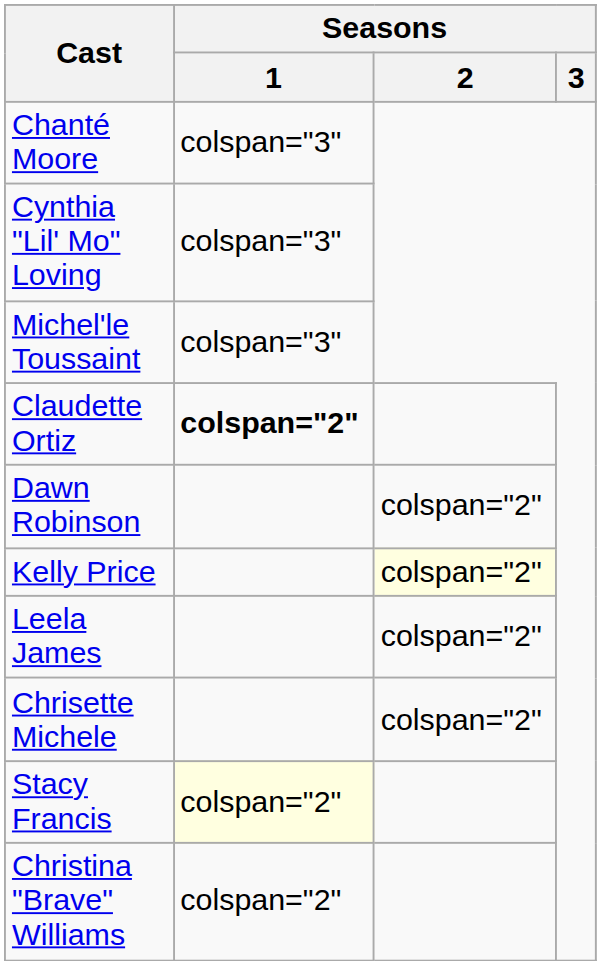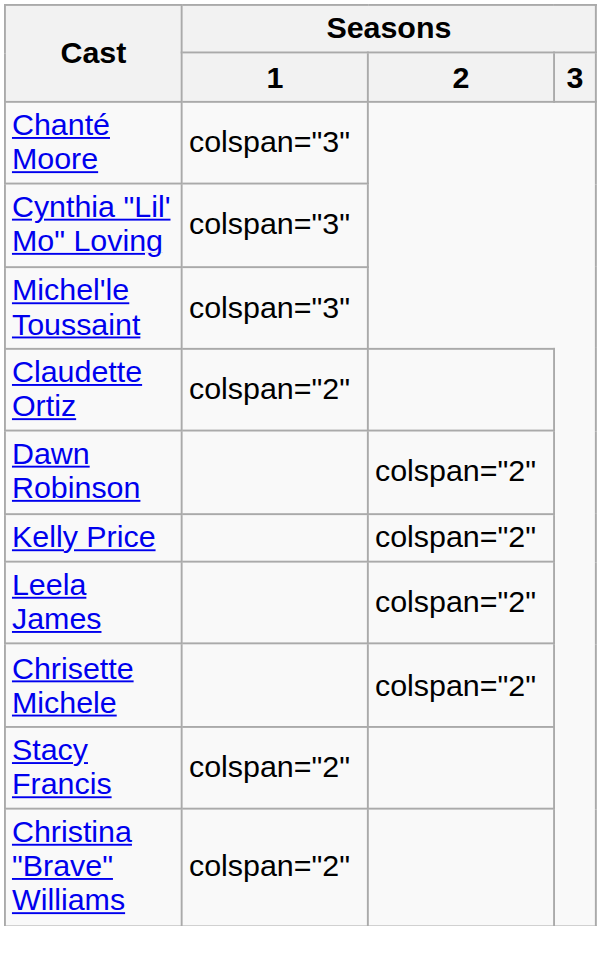 <table class="wikitable plainrowheaders" style="width:50%;">
 <tr>
 <th scope="col" rowspan="2" width="15%">Cast</th>
 <th scope="col" colspan="3">Seasons</th>
 </tr>
 <tr>
 <th style="width:5%;">1</th>
 <th style="width:5%;">2</th>
 <th style="width:5%;">3</th>
 </tr>
 <tr>
 <td><a href='#'>Chanté Moore</a></td>
 <td>colspan="3" </td>
 </tr>
 <tr>
 <td><a href='#'>Cynthia "Lil' Mo" Loving</a></td>
 <td>colspan="3" </td>
 </tr>
 <tr>
 <td><a href='#'>Michel'le Toussaint</a></td>
 <td>colspan="3" </td>
 </tr>
 <tr>
 <td><a href='#'>Claudette Ortiz</a></td>
-<td><strong>colspan="2" </strong></td>
+<td>colspan="2" </td>
 <td></td>
 </tr>
 <tr>
 <td><a href='#'>Dawn Robinson</a></td>
 <td></td>
 <td>colspan="2" </td>
 </tr>
 <tr>
 <td><a href='#'>Kelly Price</a></td>
 <td></td>
-<td style="background: lightyellow;">colspan="2" </td>
+<td>colspan="2" </td>
 </tr>
 <tr>
 <td><a href='#'>Leela James</a></td>
 <td></td>
 <td>colspan="2" </td>
 </tr>
 <tr>
 <td><a href='#'>Chrisette Michele</a></td>
 <td></td>
 <td>colspan="2" </td>
 </tr>
 <tr>
 <td><a href='#'>Stacy Francis</a></td>
-<td style="background: lightyellow;">colspan="2" </td>
+<td>colspan="2" </td>
 <td></td>
 </tr>
 <tr>
 <td><a href='#'>Christina "Brave" Williams</a></td>
 <td>colspan="2" </td>
 <td></td>
 </tr>
 </table>
